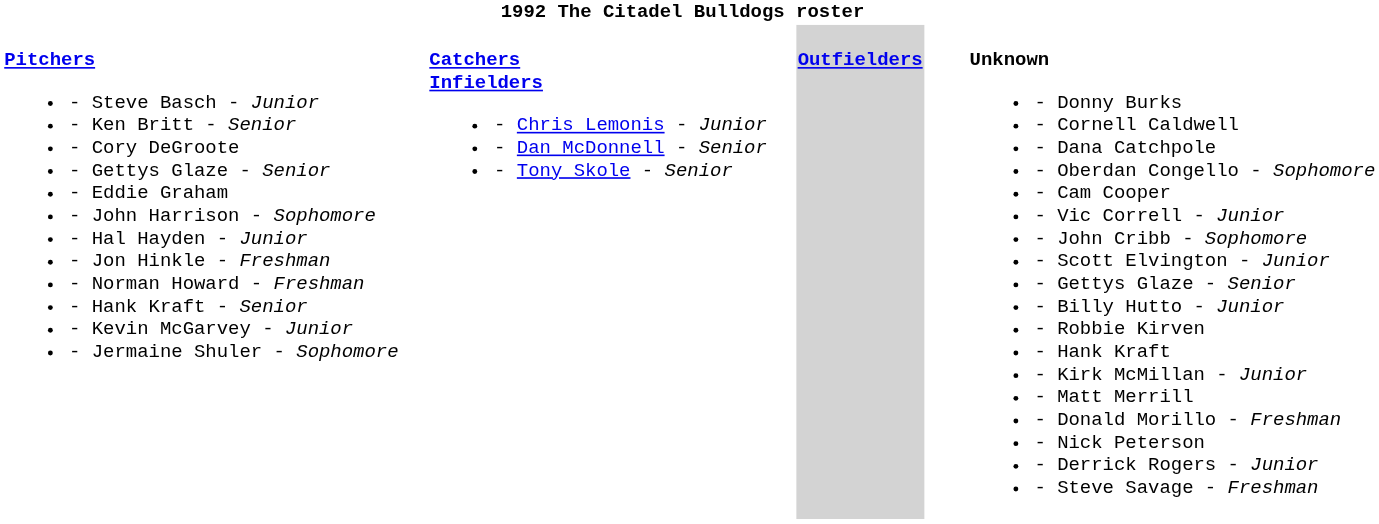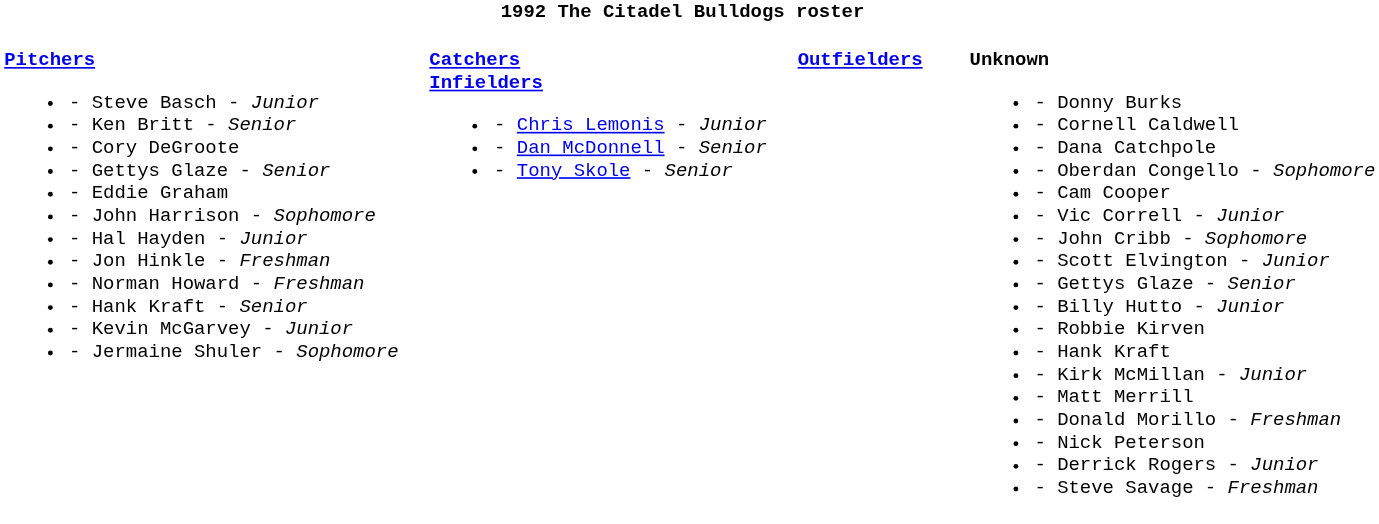 <table class="toccolours" style="border-collapse:collapse; font-size:90%;">
 <tr>
 <th colspan="9">1992 The Citadel Bulldogs roster</th>
 </tr>
 <tr>
 <td width="03"> </td>
 <td valign="top"><br><strong><a href='#'>Pitchers</a></strong><ul><li>- Steve Basch - <em>Junior</em></li><li>- Ken Britt - <em>Senior</em></li><li>- Cory DeGroote</li><li>- Gettys Glaze - <em>Senior</em></li><li>- Eddie Graham</li><li>- John Harrison - <em>Sophomore</em></li><li>- Hal Hayden - <em>Junior</em></li><li>- Jon Hinkle - <em>Freshman</em></li><li>- Norman Howard - <em>Freshman</em></li><li>- Hank Kraft - <em>Senior</em></li><li>- Kevin McGarvey - <em>Junior</em></li><li>- Jermaine Shuler - <em>Sophomore</em></li></ul></td>
 <td width="15"> </td>
 <td valign="top"><br><strong><a href='#'>Catchers</a></strong><br><strong><a href='#'>Infielders</a></strong><ul><li>- <a href='#'>Chris Lemonis</a> -  <em>Junior</em></li><li>- <a href='#'>Dan McDonnell</a> - <em>Senior</em></li><li>- <a href='#'>Tony Skole</a> - <em>Senior</em></li></ul></td>
 <td width="15"> </td>
-<td valign="top" style="background: lightgrey;"><br><strong><a href='#'>Outfielders</a></strong></td>
+<td valign="top"><br><strong><a href='#'>Outfielders</a></strong></td>
 <td width="25"> </td>
 <td valign="top"><br><strong>Unknown</strong><ul><li>- Donny Burks</li><li>- Cornell Caldwell</li><li>- Dana Catchpole</li><li>- Oberdan Congello - <em>Sophomore</em></li><li>- Cam Cooper</li><li>- Vic Correll - <em>Junior</em></li><li>- John Cribb - <em>Sophomore</em></li><li>- Scott Elvington - <em>Junior</em></li><li>- Gettys Glaze - <em>Senior</em></li><li>- Billy Hutto - <em>Junior</em></li><li>- Robbie Kirven</li><li>- Hank Kraft</li><li>- Kirk McMillan - <em>Junior</em></li><li>- Matt Merrill</li><li>- Donald Morillo - <em>Freshman</em></li><li>- Nick Peterson</li><li>- Derrick Rogers - <em>Junior</em></li><li>- Steve Savage - <em>Freshman</em></li></ul></td>
 </tr>
 </table>
